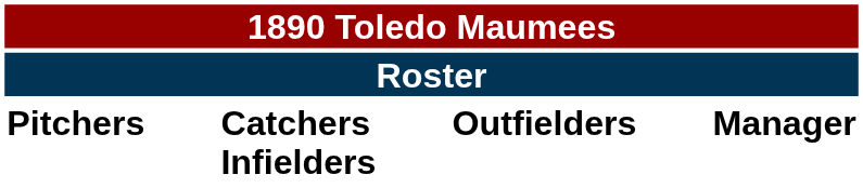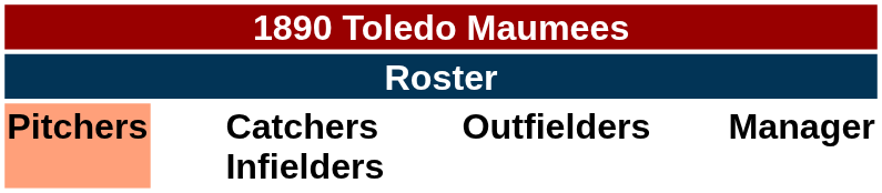 <table class="toccolours" style="font-size: 95%;">
 <tr>
 <th colspan="10" style="background-color: #990000; color: white; text-align: center;">1890 Toledo Maumees</th>
 </tr>
 <tr>
 <td colspan="10" style="background-color: #023456; color: white; text-align: center;"><strong>Roster</strong></td>
 </tr>
 <tr>
-<td valign="top"><strong>Pitchers</strong><br>     </td>
+<td valign="top" style="background: lightsalmon;"><strong>Pitchers</strong><br>     </td>
 <td width="25px"></td>
 <td valign="top"><strong>Catchers</strong><br>    <strong>Infielders</strong>    </td>
 <td width="25px"></td>
 <td valign="top"><strong>Outfielders</strong><br>     </td>
 <td width="25px"></td>
 <td valign="top"><strong>Manager</strong><br></td>
 </tr>
 </table>
